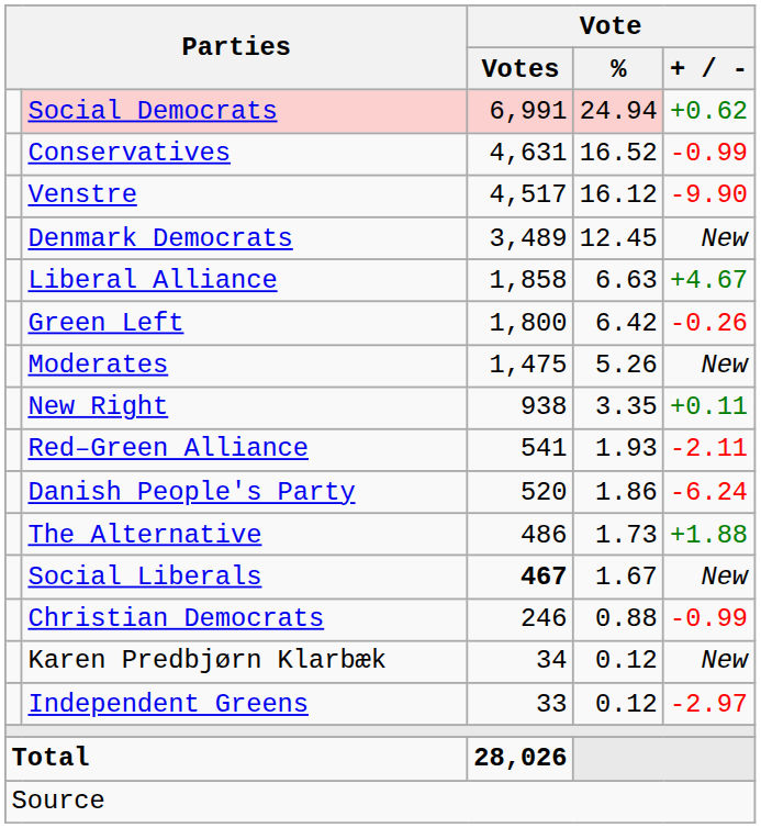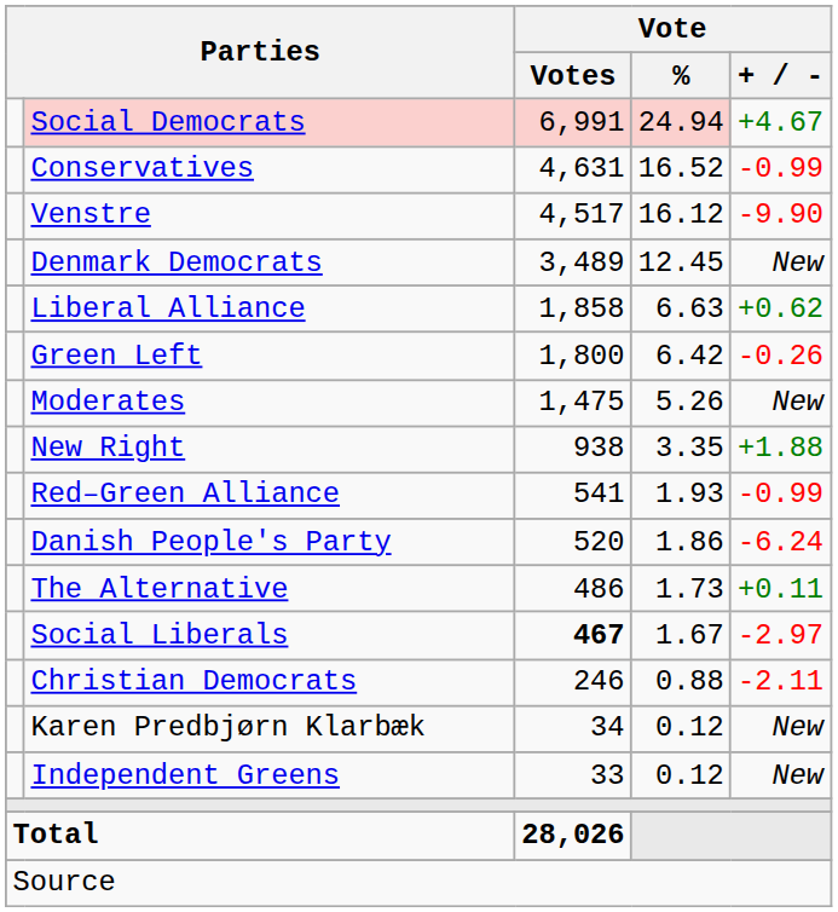 <table class="wikitable" style="text-align:right;">
 <tr>
 <th style="text-align:centre;" rowspan="2" colspan="2" width="225">Parties</th>
 <th colspan="3">Vote</th>
 </tr>
 <tr>
 <th width="15">Votes</th>
 <th width="15">%</th>
 <th width="15">+ / -</th>
 </tr>
 <tr>
 <td width="2" style="color:inherit;background:"></td>
 <td bgcolor=#fbd0ce  align="left"><a href='#'>Social Democrats</a></td>
 <td bgcolor=#fbd0ce>6,991</td>
 <td bgcolor=#fbd0ce>24.94</td>
-<td style=color:green;>+0.62</td>
+<td style=color:green;>+4.67</td>
 </tr>
 <tr>
 <td width="2" style="color:inherit;background:"></td>
 <td align="left"><a href='#'>Conservatives</a></td>
 <td>4,631</td>
 <td>16.52</td>
 <td style=color:red;>-0.99</td>
 </tr>
 <tr>
 <td width="2" style="color:inherit;background:"></td>
 <td align="left"><a href='#'>Venstre</a></td>
 <td>4,517</td>
 <td>16.12</td>
 <td style=color:red;>-9.90</td>
 </tr>
 <tr>
 <td width="2" style="color:inherit;background:"></td>
 <td align="left"><a href='#'>Denmark Democrats</a></td>
 <td>3,489</td>
 <td>12.45</td>
 <td><em>New</em></td>
 </tr>
 <tr>
 <td width="2" style="color:inherit;background:"></td>
 <td align="left"><a href='#'>Liberal Alliance</a></td>
 <td>1,858</td>
 <td>6.63</td>
-<td style=color:green;>+4.67</td>
+<td style=color:green;>+0.62</td>
 </tr>
 <tr>
 <td width="2" style="color:inherit;background:"></td>
 <td align="left"><a href='#'>Green Left</a></td>
 <td>1,800</td>
 <td>6.42</td>
 <td style=color:red;>-0.26</td>
 </tr>
 <tr>
 <td width="2" style="color:inherit;background:"></td>
 <td align="left"><a href='#'>Moderates</a></td>
 <td>1,475</td>
 <td>5.26</td>
 <td><em>New</em></td>
 </tr>
 <tr>
 <td width="2" style="color:inherit;background:"></td>
 <td align="left"><a href='#'>New Right</a></td>
 <td>938</td>
 <td>3.35</td>
-<td style=color:green;>+0.11</td>
+<td style=color:green;>+1.88</td>
 </tr>
 <tr>
 <td width="2" style="color:inherit;background:"></td>
 <td align="left"><a href='#'>Red–Green Alliance</a></td>
 <td>541</td>
 <td>1.93</td>
-<td style=color:red;>-2.11</td>
+<td style=color:red;>-0.99</td>
 </tr>
 <tr>
 <td width="2" style="color:inherit;background:"></td>
 <td align="left"><a href='#'>Danish People's Party</a></td>
 <td>520</td>
 <td>1.86</td>
 <td style=color:red;>-6.24</td>
 </tr>
 <tr>
 <td width="2" style="color:inherit;background:"></td>
 <td align="left"><a href='#'>The Alternative</a></td>
 <td>486</td>
 <td>1.73</td>
-<td style=color:green;>+1.88</td>
+<td style=color:green;>+0.11</td>
 </tr>
 <tr>
 <td width="2" style="color:inherit;background:"></td>
 <td align="left"><a href='#'>Social Liberals</a></td>
 <td><strong>467</strong></td>
 <td>1.67</td>
-<td><em>New</em></td>
+<td style=color:red;>-2.97</td>
 </tr>
 <tr>
 <td width="2" style="color:inherit;background:"></td>
 <td align="left"><a href='#'>Christian Democrats</a></td>
 <td>246</td>
 <td>0.88</td>
-<td style=color:red;>-0.99</td>
+<td style=color:red;>-2.11</td>
 </tr>
 <tr>
 <td width="2" style="color:inherit;background:"></td>
 <td align="left">Karen Predbjørn Klarbæk</td>
 <td>34</td>
 <td>0.12</td>
 <td><em>New</em></td>
 </tr>
 <tr>
 <td width="2" style="color:inherit;background:"></td>
 <td align="left"><a href='#'>Independent Greens</a></td>
 <td>33</td>
 <td>0.12</td>
-<td style=color:red;>-2.97</td>
+<td><em>New</em></td>
 </tr>
 <tr>
 <td colspan="7" bgcolor="#E9E9E9"></td>
 </tr>
 <tr>
 <td align="left" colspan="2"><strong>Total</strong></td>
 <td><strong>28,026</strong></td>
 <td bgcolor="#E9E9E9" colspan="2"></td>
 </tr>
 <tr>
 <td align="left" colspan="6">Source</td>
 </tr>
 </table>
